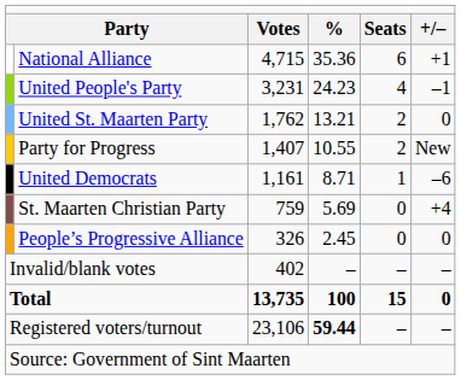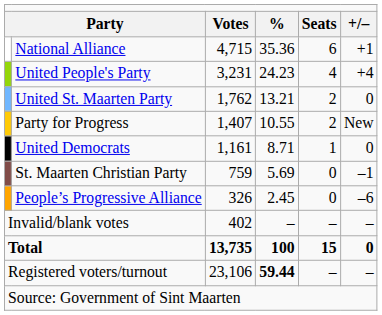 <table class=wikitable style=text-align:right>
 <tr>
 <td align=center colspan=10></td>
 </tr>
 <tr>
 <th colspan=2>Party</th>
 <th>Votes</th>
 <th>%</th>
 <th>Seats</th>
 <th>+/–</th>
 </tr>
 <tr>
 <td bgcolor=#FFFFFF></td>
 <td align=left><a href='#'>National Alliance</a></td>
 <td>4,715</td>
 <td>35.36</td>
 <td>6</td>
 <td>+1</td>
 </tr>
 <tr>
 <td bgcolor=#94D60A></td>
 <td align=left><a href='#'>United People's Party</a></td>
 <td>3,231</td>
 <td>24.23</td>
 <td>4</td>
-<td>–1</td>
+<td>+4</td>
 </tr>
 <tr>
 <td bgcolor=#71B7FF></td>
 <td align=left><a href='#'>United St. Maarten Party</a></td>
 <td>1,762</td>
 <td>13.21</td>
 <td>2</td>
 <td>0</td>
 </tr>
 <tr>
 <td bgcolor=#FFCA06></td>
 <td align=left>Party for Progress</td>
 <td>1,407</td>
 <td>10.55</td>
 <td>2</td>
 <td>New</td>
 </tr>
 <tr>
 <td bgcolor=#000000></td>
 <td align=left><a href='#'>United Democrats</a></td>
 <td>1,161</td>
 <td>8.71</td>
 <td>1</td>
-<td>–6</td>
+<td>0</td>
 </tr>
 <tr>
 <td bgcolor=#814C48></td>
 <td align=left>St. Maarten Christian Party</td>
 <td>759</td>
 <td>5.69</td>
 <td>0</td>
-<td>+4</td>
+<td>–1</td>
 </tr>
 <tr>
 <td bgcolor=#FFA500></td>
 <td align=left><a href='#'>People’s Progressive Alliance</a></td>
 <td>326</td>
 <td>2.45</td>
 <td>0</td>
-<td>0</td>
+<td>–6</td>
 </tr>
 <tr>
 <td align=left colspan=2>Invalid/blank votes</td>
 <td>402</td>
 <td>–</td>
 <td>–</td>
 <td>–</td>
 </tr>
 <tr>
 <td align=left colspan=2><strong>Total</strong></td>
 <td><strong>13,735</strong></td>
 <td><strong>100</strong></td>
 <td><strong>15</strong></td>
 <td><strong>0</strong></td>
 </tr>
 <tr>
 <td align=left colspan=2>Registered voters/turnout</td>
 <td>23,106</td>
 <td><strong>59.44</strong></td>
 <td>–</td>
 <td>–</td>
 </tr>
 <tr>
 <td align=left colspan=6>Source: Government of Sint Maarten</td>
 </tr>
 </table>
